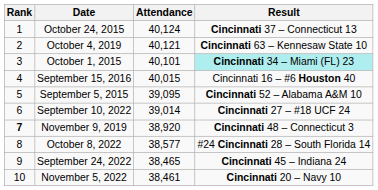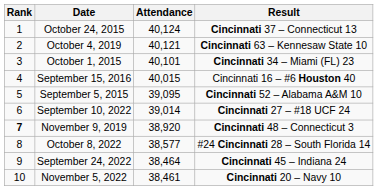 <table class=wikitable style="text-align:center">
 <tr>
 <th>Rank</th>
 <th>Date</th>
 <th>Attendance</th>
 <th>Result</th>
 </tr>
 <tr>
 <td>1</td>
 <td align=center>October 24, 2015</td>
 <td>40,124</td>
 <td><strong>Cincinnati</strong> 37 – Connecticut 13</td>
 </tr>
 <tr>
 <td>2</td>
 <td align=center>October 4, 2019</td>
 <td>40,121</td>
 <td><strong>Cincinnati</strong> 63 – Kennesaw State 10</td>
 </tr>
 <tr>
 <td>3</td>
 <td align=center>October 1, 2015</td>
 <td>40,101</td>
-<td style="background: paleturquoise;"><strong>Cincinnati</strong> 34 – Miami (FL) 23</td>
+<td><strong>Cincinnati</strong> 34 – Miami (FL) 23</td>
 </tr>
 <tr>
 <td>4</td>
 <td align=center>September 15, 2016</td>
 <td>40,015</td>
 <td>Cincinnati 16 – #6 <strong>Houston</strong> 40</td>
 </tr>
 <tr>
 <td>5</td>
 <td align=center>September 5, 2015</td>
 <td>39,095</td>
 <td><strong>Cincinnati</strong> 52 – Alabama A&M 10</td>
 </tr>
 <tr>
 <td>6</td>
 <td align=center>September 10, 2022</td>
 <td>39,014</td>
 <td><strong>Cincinnati</strong> 27 – #18 UCF 24</td>
 </tr>
 <tr>
 <td><strong>7</strong></td>
 <td align=center>November 9, 2019</td>
 <td>38,920</td>
 <td><strong>Cincinnati</strong> 48 – Connecticut 3</td>
 </tr>
 <tr>
 <td>8</td>
 <td align=center>October 8, 2022</td>
 <td>38,577</td>
 <td>#24 <strong>Cincinnati</strong> 28 – South Florida 14</td>
 </tr>
 <tr>
 <td>9</td>
 <td align=center>September 24, 2022</td>
-<td>38,465</td>
+<td>38,464</td>
 <td><strong>Cincinnati</strong> 45 – Indiana 24</td>
 </tr>
 <tr>
 <td>10</td>
 <td align=center>November 5, 2022</td>
 <td>38,461</td>
 <td><strong>Cincinnati</strong> 20 – Navy 10</td>
 </tr>
 </table>
